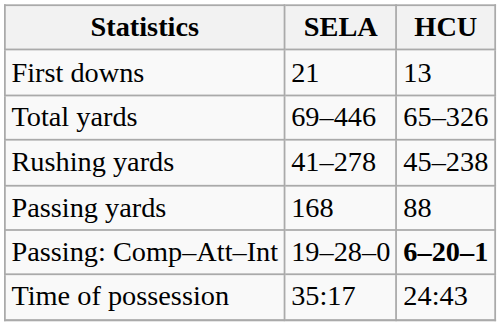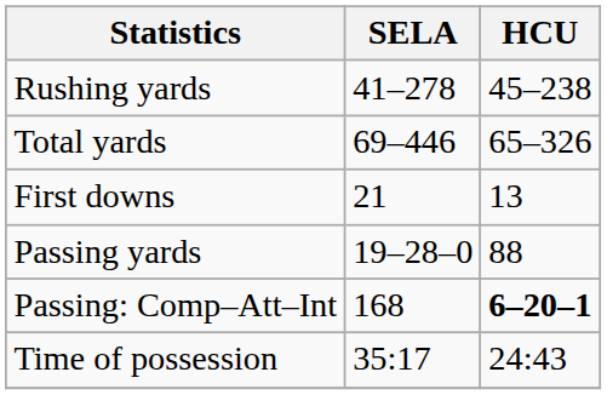 <table class="wikitable" style="float: left;">
 <tr>
 <th>Statistics</th>
 <th>SELA</th>
 <th>HCU</th>
 </tr>
 <tr>
-<td>First downs</td>
-<td>21</td>
-<td>13</td>
+<td>Rushing yards</td>
+<td>41–278</td>
+<td>45–238</td>
 </tr>
 <tr>
 <td>Total yards</td>
 <td>69–446</td>
 <td>65–326</td>
 </tr>
 <tr>
-<td>Rushing yards</td>
-<td>41–278</td>
-<td>45–238</td>
+<td>First downs</td>
+<td>21</td>
+<td>13</td>
 </tr>
 <tr>
 <td>Passing yards</td>
-<td>168</td>
+<td>19–28–0</td>
 <td>88</td>
 </tr>
 <tr>
 <td>Passing: Comp–Att–Int</td>
-<td>19–28–0</td>
+<td>168</td>
 <td><strong>6–20–1</strong></td>
 </tr>
 <tr>
 <td>Time of possession</td>
 <td>35:17</td>
 <td>24:43</td>
 </tr>
 <tr>
 </tr>
 </table>
